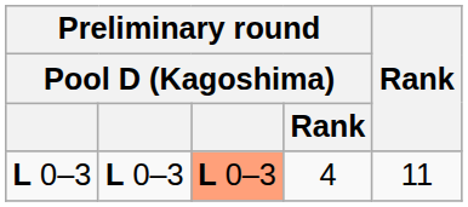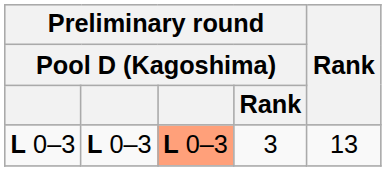 <table class="wikitable" style="font-size:100%;">
 <tr>
 <th colspan=4>Preliminary round</th>
 <th rowspan=3>Rank</th>
 </tr>
 <tr>
 <th colspan=4>Pool D (Kagoshima)</th>
 </tr>
 <tr>
 <th></th>
 <th></th>
 <th></th>
 <th>Rank</th>
 </tr>
 <tr align=center>
 <td><strong>L</strong> 0–3</td>
 <td><strong>L</strong> 0–3</td>
 <td style="background: lightsalmon;"><strong>L</strong> 0–3</td>
-<td>4</td>
-<td>11</td>
+<td>3</td>
+<td>13</td>
 </tr>
 </table>
